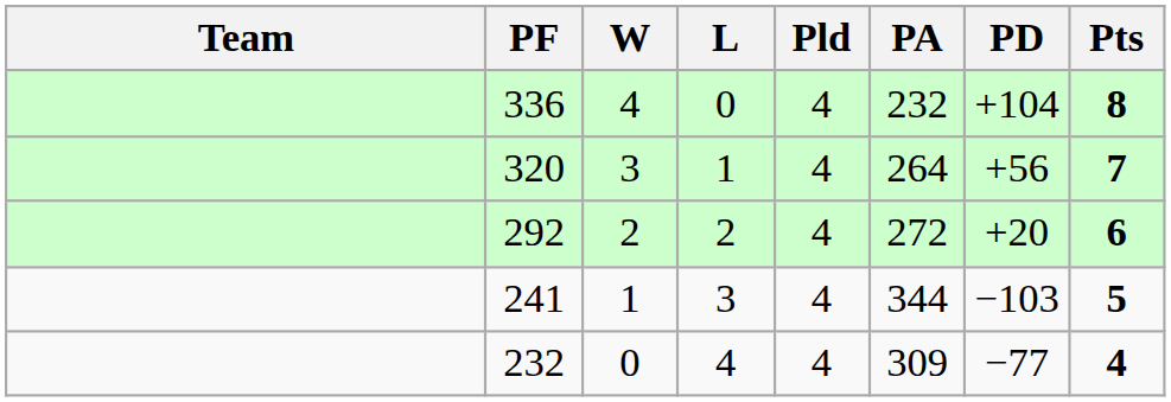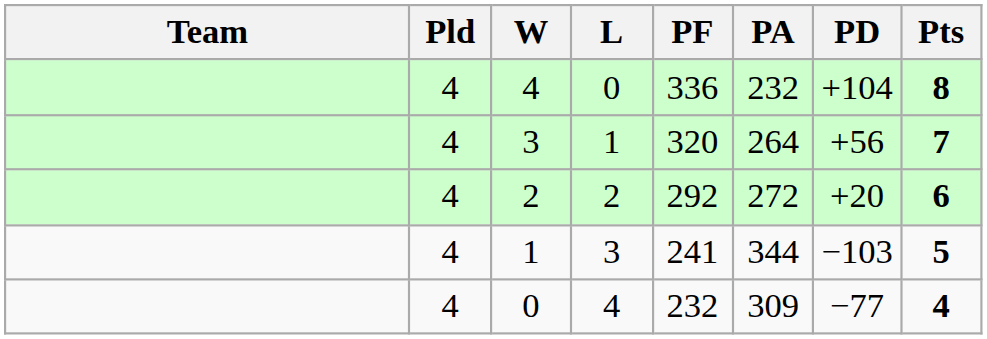 <table class=wikitable style="text-align:center">
 <tr>
 <th width=180>Team</th>
-<th width=30>PF</th>
+<th width=30>Pld</th>
 <th width=30>W</th>
 <th width=30>L</th>
-<th width=30>Pld</th>
+<th width=30>PF</th>
 <th width=30>PA</th>
 <th width=30>PD</th>
 <th width=30>Pts</th>
 </tr>
 <tr bgcolor="#ccffcc">
 <td align="left"></td>
-<td>336</td>
+<td>4</td>
 <td>4</td>
 <td>0</td>
-<td>4</td>
+<td>336</td>
 <td>232</td>
 <td>+104</td>
 <td><strong>8</strong></td>
 </tr>
 <tr bgcolor="#ccffcc">
 <td align="left"></td>
-<td>320</td>
+<td>4</td>
 <td>3</td>
 <td>1</td>
-<td>4</td>
+<td>320</td>
 <td>264</td>
 <td>+56</td>
 <td><strong>7</strong></td>
 </tr>
 <tr bgcolor="#ccffcc">
 <td align="left"></td>
-<td>292</td>
+<td>4</td>
 <td>2</td>
 <td>2</td>
-<td>4</td>
+<td>292</td>
 <td>272</td>
 <td>+20</td>
 <td><strong>6</strong></td>
 </tr>
 <tr>
 <td align="left"></td>
-<td>241</td>
+<td>4</td>
 <td>1</td>
 <td>3</td>
-<td>4</td>
+<td>241</td>
 <td>344</td>
 <td>−103</td>
 <td><strong>5</strong></td>
 </tr>
 <tr>
 <td align="left"></td>
-<td>232</td>
+<td>4</td>
 <td>0</td>
 <td>4</td>
-<td>4</td>
+<td>232</td>
 <td>309</td>
 <td>−77</td>
 <td><strong>4</strong></td>
 </tr>
 </table>
